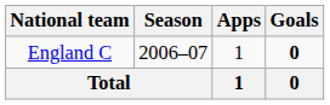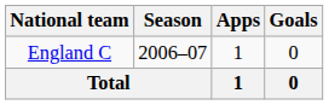 <table class="wikitable" style="text-align: center;">
 <tr>
 <th>National team</th>
 <th>Season</th>
 <th>Apps</th>
 <th>Goals</th>
 </tr>
 <tr>
 <td rowspan="1" valign="center"><a href='#'>England C</a></td>
 <td>2006–07</td>
 <td>1</td>
-<td><strong>0</strong></td>
+<td>0</td>
 </tr>
 <tr>
 <th colspan="2">Total</th>
 <th>1</th>
 <th>0</th>
 </tr>
 </table>
